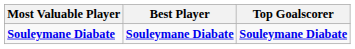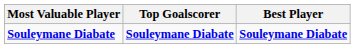 <table class="wikitable">
 <tr>
 <th>Most Valuable Player</th>
+<th>Top Goalscorer</th>
 <th>Best Player</th>
-<th>Top Goalscorer</th>
 </tr>
 <tr>
 <td><strong><a href='#'>Souleymane Diabate</a></strong></td>
 <td><strong><a href='#'>Souleymane Diabate</a></strong></td>
 <td><strong><a href='#'>Souleymane Diabate</a></strong></td>
 </tr>
 </table>
